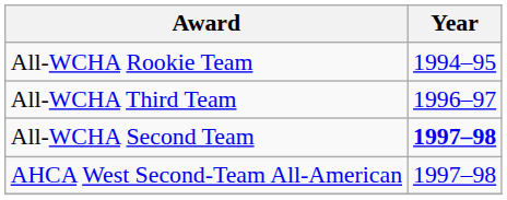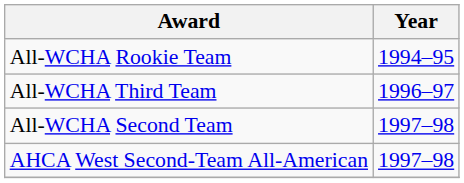 <table class="wikitable">
 <tr>
 <th>Award</th>
 <th>Year</th>
 </tr>
 <tr>
 <td>All-<a href='#'>WCHA</a> <a href='#'>Rookie Team</a></td>
 <td><a href='#'>1994–95</a></td>
 </tr>
 <tr>
 <td>All-<a href='#'>WCHA</a> <a href='#'>Third Team</a></td>
 <td><a href='#'>1996–97</a></td>
 </tr>
 <tr>
 <td>All-<a href='#'>WCHA</a> <a href='#'>Second Team</a></td>
-<td><strong><a href='#'>1997–98</a></strong></td>
+<td><a href='#'>1997–98</a></td>
 </tr>
 <tr>
 <td><a href='#'>AHCA</a> <a href='#'>West Second-Team All-American</a></td>
 <td><a href='#'>1997–98</a></td>
 </tr>
 <tr>
 </tr>
 </table>
